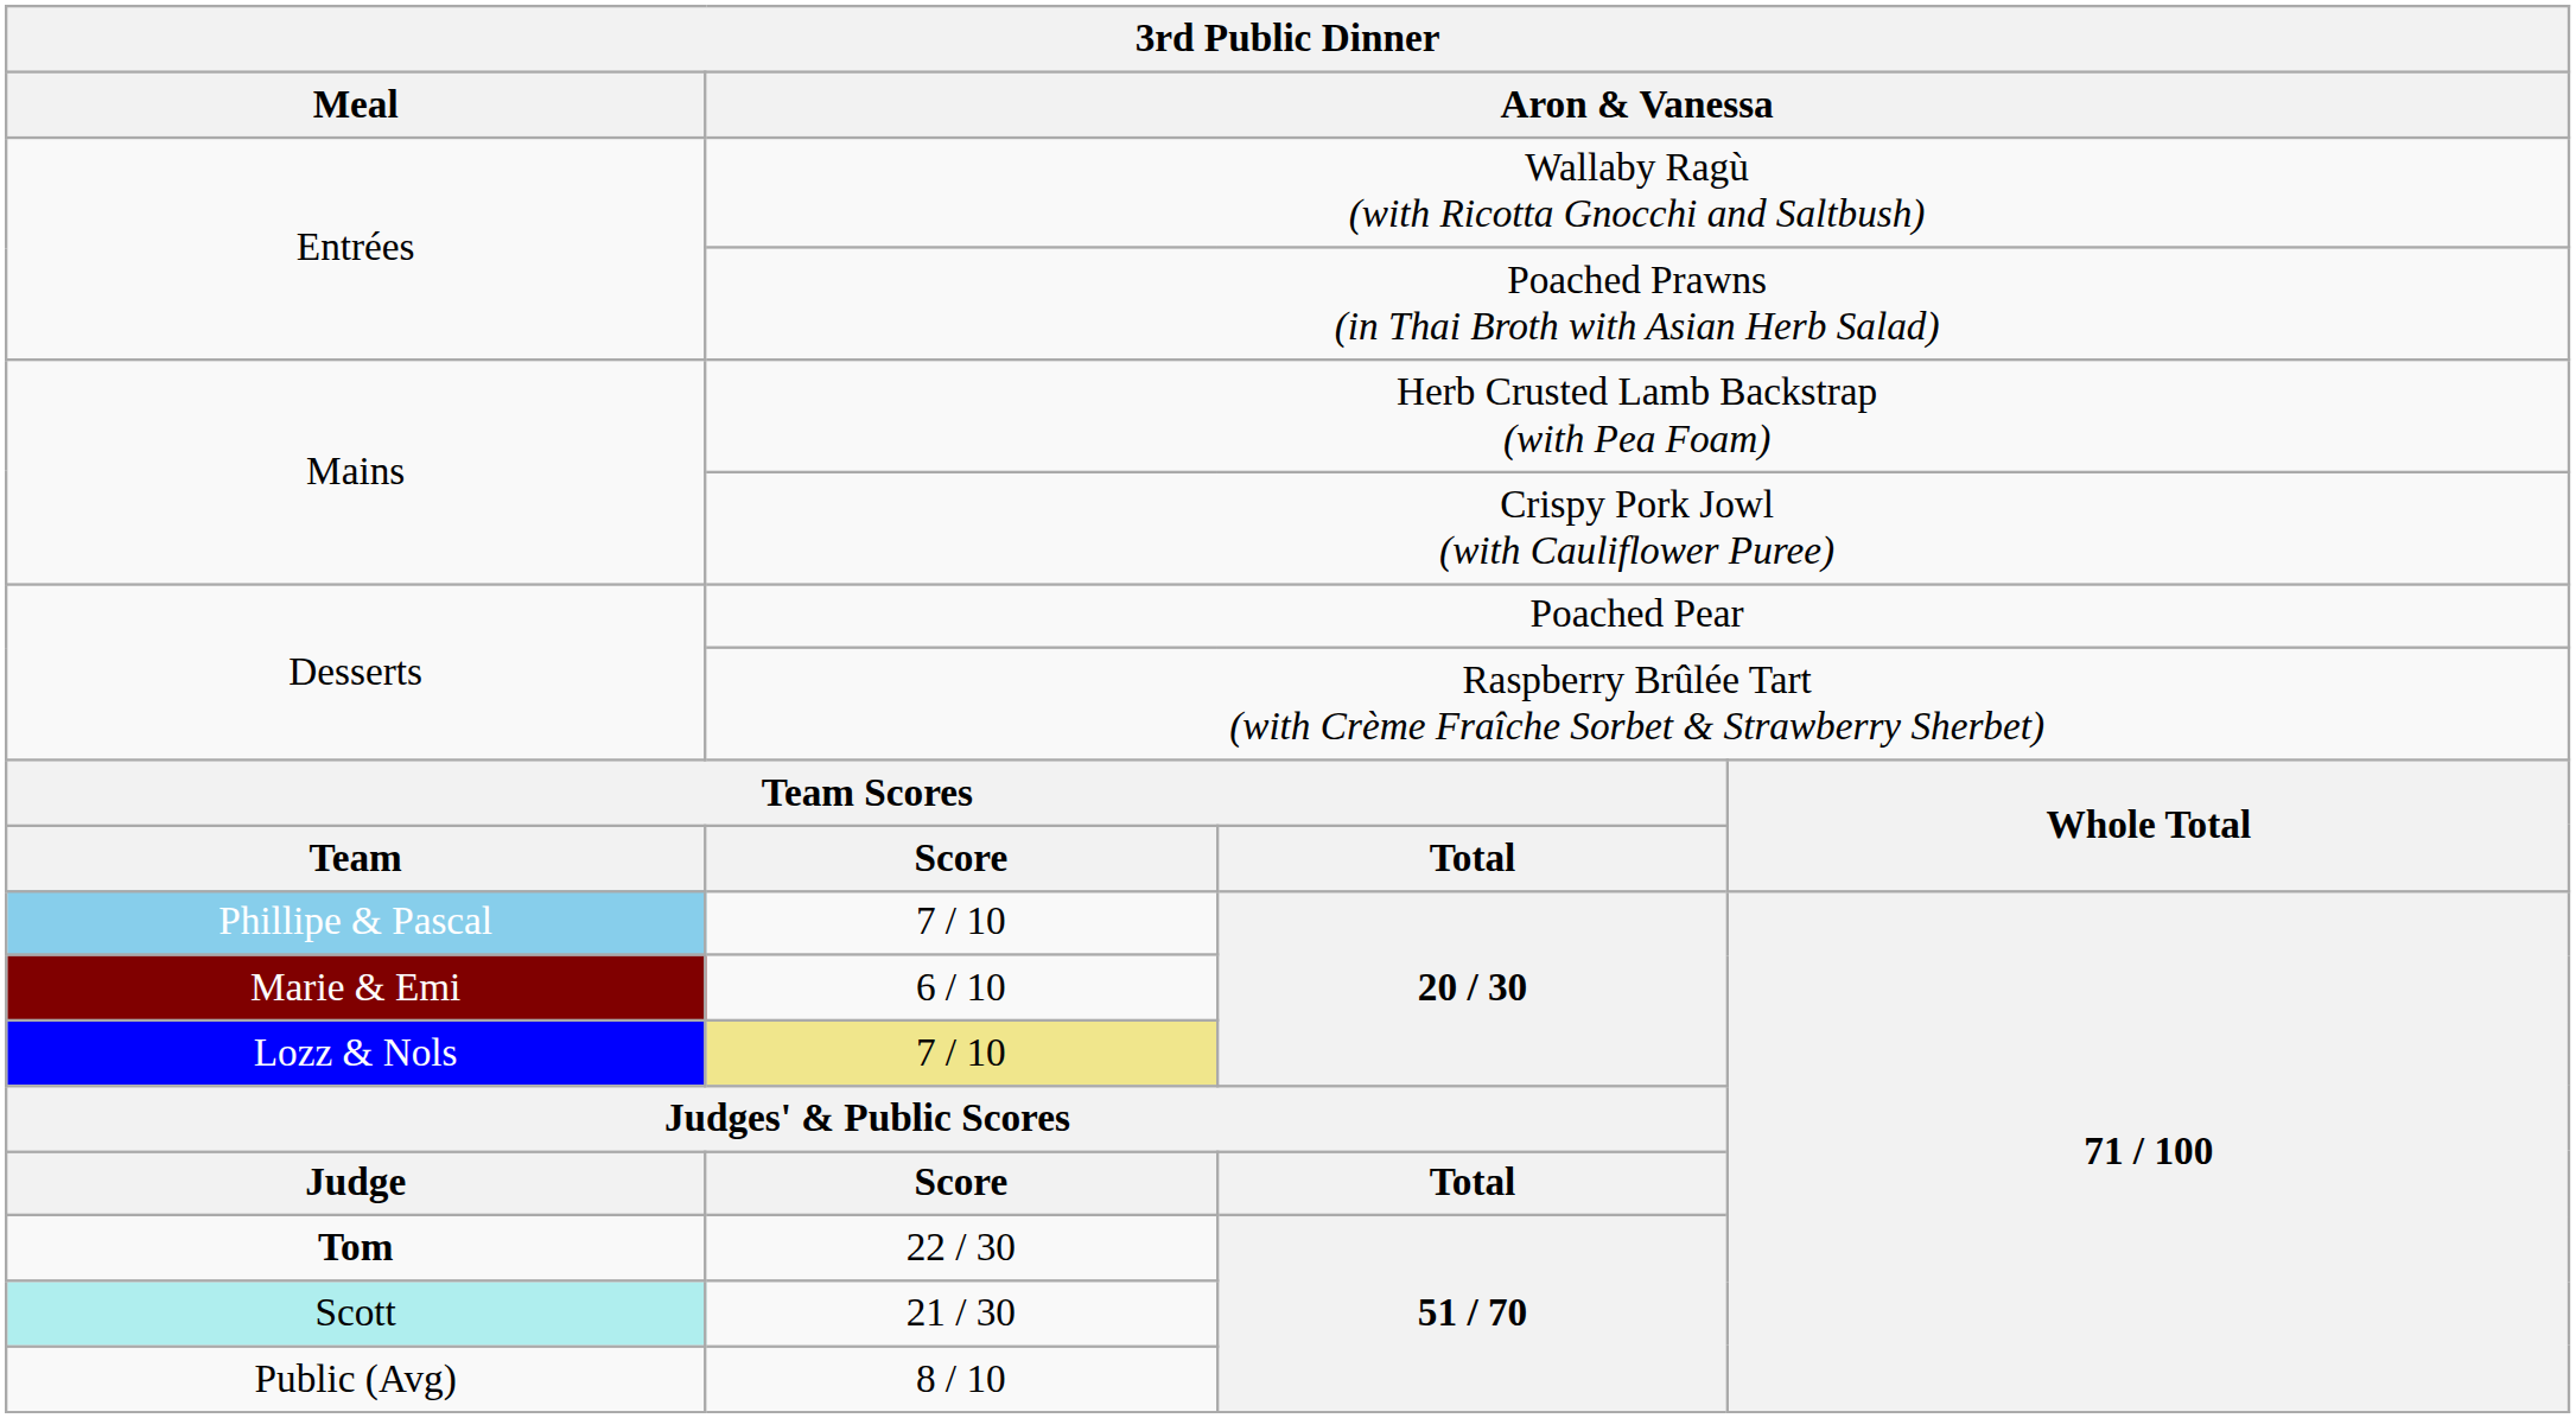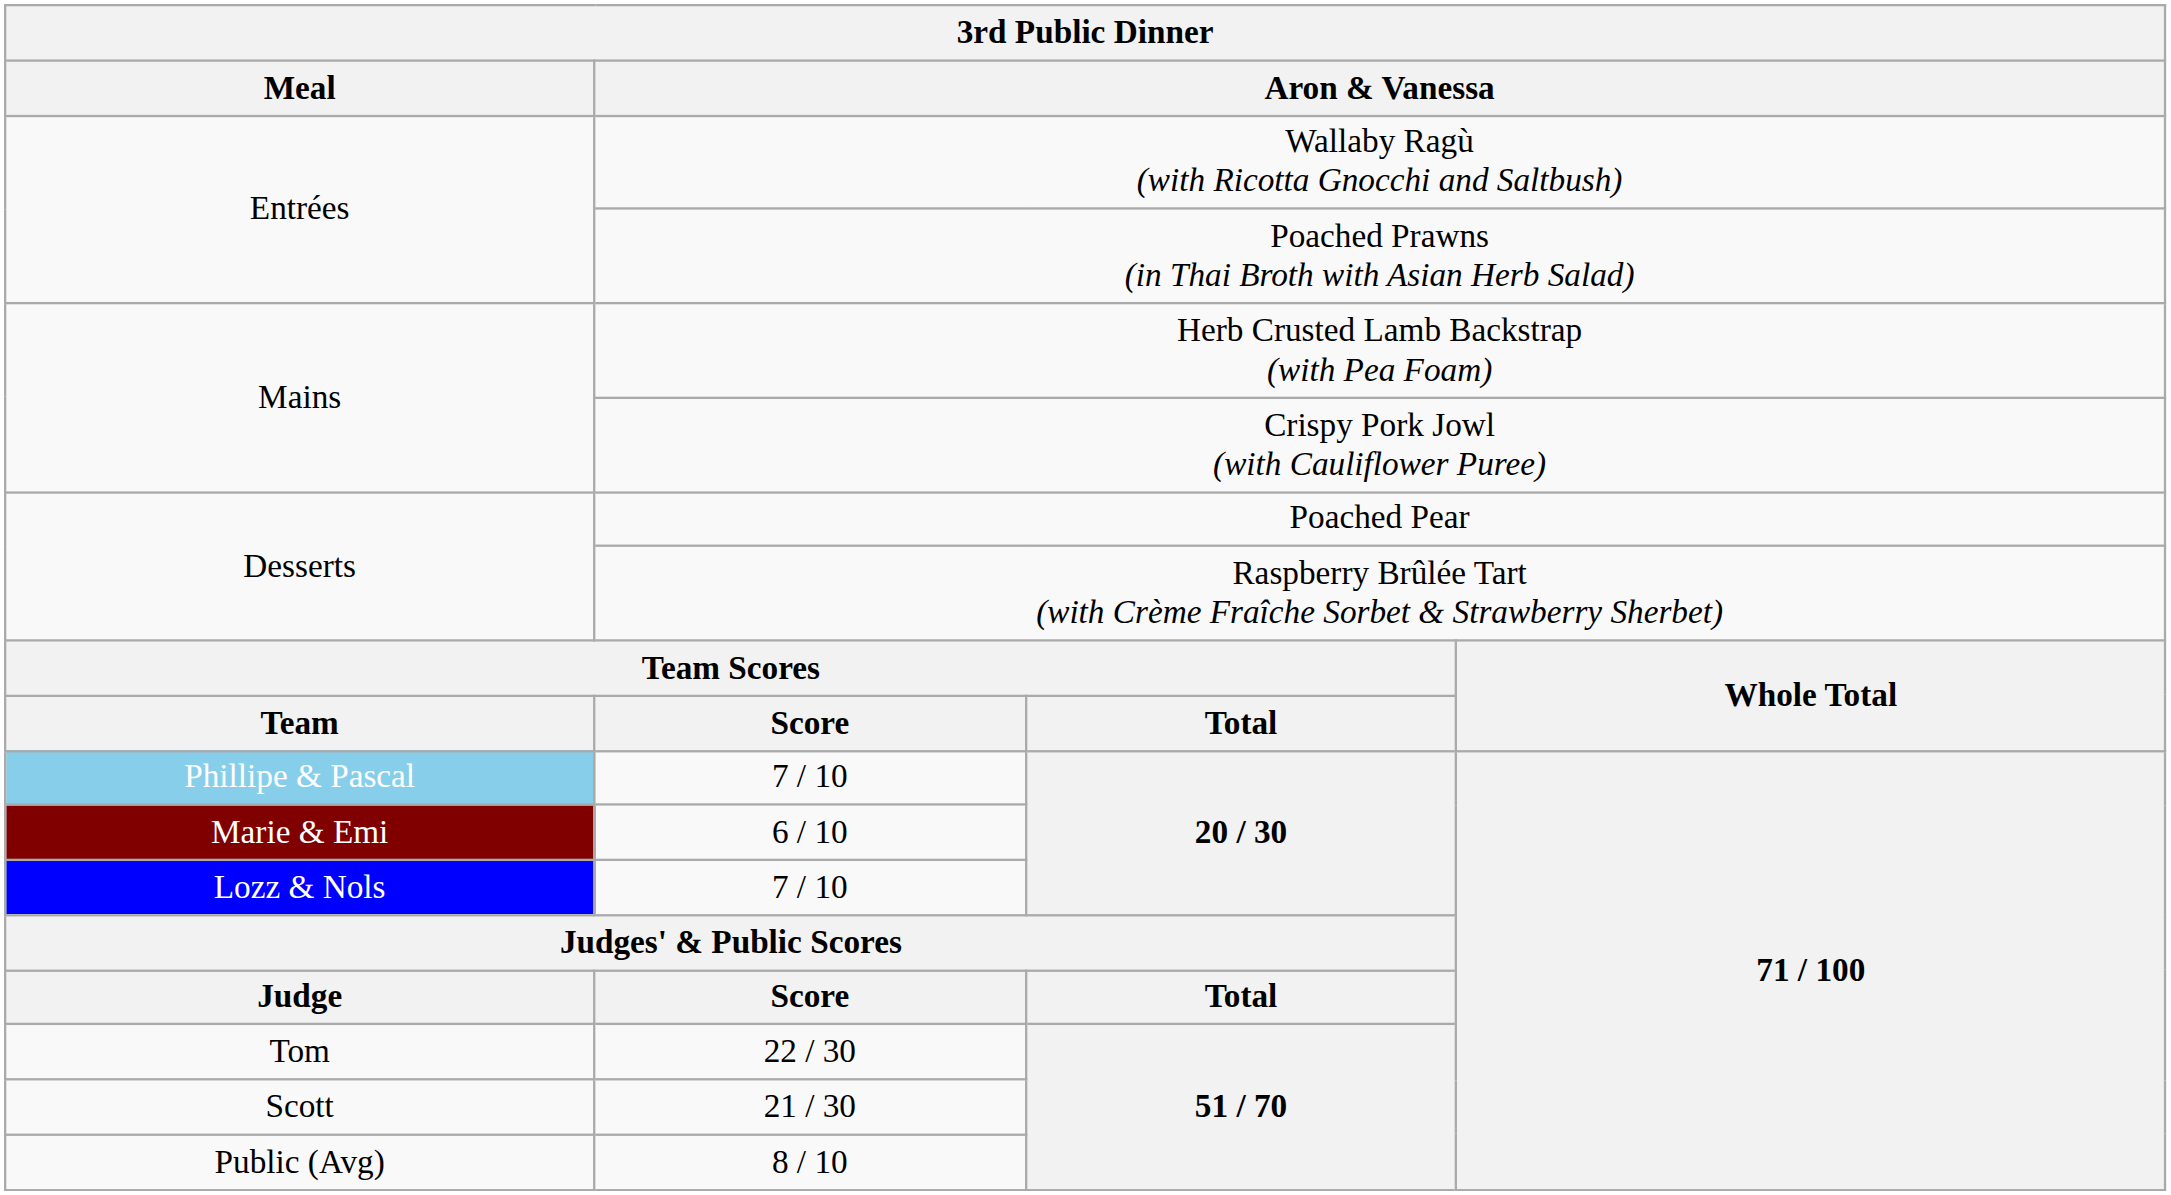 <table class="wikitable plainrowheaders" style="text-align:center; font-size:90%; width:65em;">
 <tr>
 <th colspan="4" >3rd Public Dinner</th>
 </tr>
 <tr>
 <th style="width:15%;">Meal</th>
 <th colspan="3" style="width:40%;">Aron & Vanessa</th>
 </tr>
 <tr>
 <td rowspan="2">Entrées</td>
 <td colspan="3">Wallaby Ragù<br><em>(with Ricotta Gnocchi and Saltbush)</em></td>
 </tr>
 <tr>
 <td colspan="3">Poached Prawns<br><em>(in Thai Broth with Asian Herb Salad)</em></td>
 </tr>
 <tr>
 <td rowspan="2">Mains</td>
 <td colspan="3">Herb Crusted Lamb Backstrap<br><em>(with Pea Foam)</em></td>
 </tr>
 <tr>
 <td colspan="3">Crispy Pork Jowl<br><em>(with Cauliflower Puree)</em></td>
 </tr>
 <tr>
 <td rowspan="2">Desserts</td>
 <td colspan="3">Poached Pear<br></td>
 </tr>
 <tr>
 <td colspan="3">Raspberry Brûlée Tart<br><em>(with Crème Fraîche Sorbet & Strawberry Sherbet)</em></td>
 </tr>
 <tr>
 <th colspan="3" >Team Scores</th>
 <th rowspan="2">Whole Total</th>
 </tr>
 <tr>
 <th>Team</th>
 <th>Score</th>
 <th>Total</th>
 </tr>
 <tr>
 <td style="background:skyblue; color:white;">Phillipe & Pascal</td>
 <td>7 / 10</td>
 <th rowspan="3">20 / 30</th>
 <th rowspan="10">71 / 100</th>
 </tr>
 <tr>
 <td style="background:maroon; color:white;">Marie & Emi</td>
 <td>6 / 10</td>
 </tr>
 <tr>
 <td style="background:blue; color:white;">Lozz & Nols</td>
-<td style="background: khaki;">7 / 10</td>
+<td>7 / 10</td>
 </tr>
 <tr>
 <th colspan="3" >Judges' & Public Scores</th>
 </tr>
 <tr>
 <th>Judge</th>
 <th>Score</th>
 <th>Total</th>
 </tr>
 <tr>
-<td><strong>Tom</strong></td>
+<td>Tom</td>
 <td>22 / 30</td>
 <th rowspan="3">51 / 70</th>
 </tr>
 <tr>
-<td style="background: paleturquoise;">Scott</td>
+<td>Scott</td>
 <td>21 / 30</td>
 </tr>
 <tr>
 <td>Public (Avg)</td>
 <td>8 / 10</td>
 </tr>
 </table>
